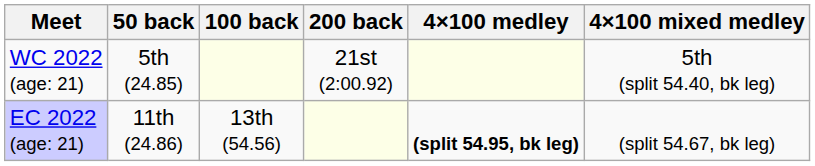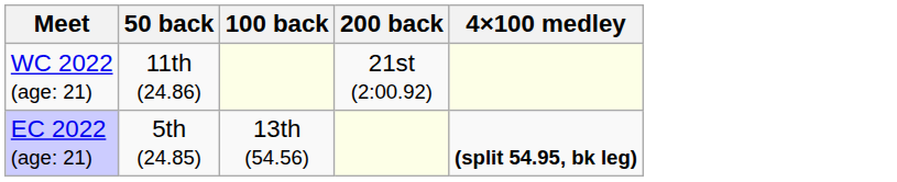 <table class="sortable wikitable">
 <tr>
 <th>Meet</th>
 <th class="unsortable">50 back</th>
 <th class="unsortable">100 back</th>
 <th class="unsortable">200 back</th>
 <th class="unsortable">4×100 medley</th>
-<th class="unsortable">4×100 mixed medley</th>
 </tr>
 <tr>
 <td><a href='#'>WC 2022</a><br><small>(age: 21)</small></td>
-<td align="center">5th<br><small>(24.85)</small></td>
+<td align="center">11th<br><small>(24.86)</small></td>
 <td style="background:#fdffe7"></td>
 <td align="center">21st<br><small>(2:00.92)</small></td>
 <td style="background:#fdffe7"></td>
-<td align="center">5th<br><small>(split 54.40, bk leg)</small></td>
 </tr>
 <tr>
 <td style="background:#ccccff"><a href='#'>EC 2022</a><br><small>(age: 21)</small></td>
-<td align="center">11th<br><small>(24.86)</small></td>
+<td align="center">5th<br><small>(24.85)</small></td>
 <td align="center">13th<br><small>(54.56)</small></td>
 <td style="background:#fdffe7"></td>
 <td align="center"><strong><br><small>(split 54.95, bk leg)</small></strong></td>
-<td align="center"><br><small>(split 54.67, bk leg)</small></td>
 </tr>
 </table>
